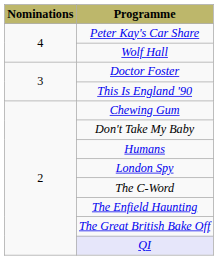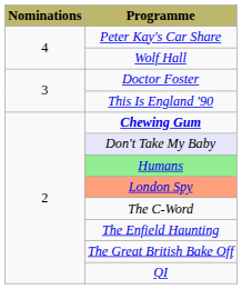 <table class="wikitable" style="text-align:center;">
 <tr>
 <th style="background:#BDB76B;">Nominations</th>
 <th style="background:#BDB76B;">Programme</th>
 </tr>
 <tr>
 <td rowspan="2">4</td>
 <td><em><a href='#'>Peter Kay's Car Share</a></em></td>
 </tr>
 <tr>
 <td><em><a href='#'>Wolf Hall</a></em></td>
 </tr>
 <tr>
 <td rowspan="2">3</td>
 <td><em><a href='#'>Doctor Foster</a></em></td>
 </tr>
 <tr>
 <td><em><a href='#'>This Is England '90</a></em></td>
 </tr>
 <tr>
 <td rowspan="8">2</td>
-<td><em><a href='#'>Chewing Gum</a></em></td>
+<td><strong><em><a href='#'>Chewing Gum</a></em></strong></td>
 </tr>
 <tr>
-<td><em>Don't Take My Baby</em></td>
+<td style="background: lavender;"><em>Don't Take My Baby</em></td>
 </tr>
 <tr>
-<td><em><a href='#'>Humans</a></em></td>
+<td style="background: lightgreen;"><em><a href='#'>Humans</a></em></td>
 </tr>
 <tr>
-<td><em><a href='#'>London Spy</a></em></td>
+<td style="background: lightsalmon;"><em><a href='#'>London Spy</a></em></td>
 </tr>
 <tr>
 <td><em>The C-Word</em></td>
 </tr>
 <tr>
 <td><em><a href='#'>The Enfield Haunting</a></em></td>
 </tr>
 <tr>
 <td><em><a href='#'>The Great British Bake Off</a></em></td>
 </tr>
 <tr>
-<td style="background: lavender;"><em><a href='#'>QI</a></em></td>
+<td><em><a href='#'>QI</a></em></td>
 </tr>
 </table>
